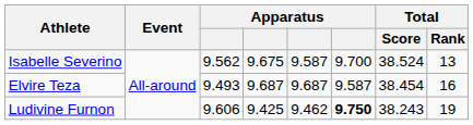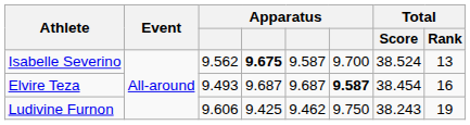 <table class=wikitable style=font-size:90%;text-align:center>
 <tr>
 <th rowspan=2>Athlete</th>
 <th rowspan=2>Event</th>
 <th colspan=4>Apparatus</th>
 <th colspan=2>Total</th>
 </tr>
 <tr style=font-size:95%>
 <th></th>
 <th></th>
 <th></th>
 <th></th>
 <th>Score</th>
 <th>Rank</th>
 </tr>
 <tr>
 <td align=left><a href='#'>Isabelle Severino</a></td>
 <td align=left rowspan=3><a href='#'>All-around</a></td>
 <td>9.562</td>
-<td>9.675</td>
+<td><strong>9.675</strong></td>
 <td>9.587</td>
 <td>9.700</td>
 <td>38.524</td>
 <td>13</td>
 </tr>
 <tr>
 <td align=left><a href='#'>Elvire Teza</a></td>
 <td>9.493</td>
 <td>9.687</td>
 <td>9.687</td>
-<td>9.587</td>
+<td><strong>9.587</strong></td>
 <td>38.454</td>
 <td>16</td>
 </tr>
 <tr>
 <td align=left><a href='#'>Ludivine Furnon</a></td>
 <td>9.606</td>
 <td>9.425</td>
 <td>9.462</td>
-<td><strong>9.750</strong></td>
+<td>9.750</td>
 <td>38.243</td>
 <td>19</td>
 </tr>
 </table>
